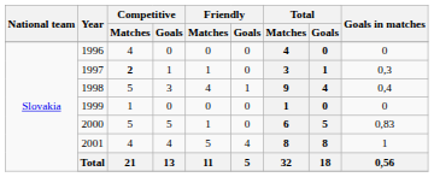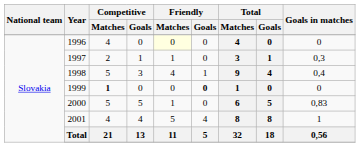 <table class="wikitable" style="text-align:center; font-size:95%">
 <tr>
 <th rowspan="2" scope="col">National team</th>
 <th rowspan="2" scope="col">Year</th>
 <th colspan="2" scope="colgroup">Competitive</th>
 <th colspan="2" scope="colgroup">Friendly</th>
 <th colspan="2" scope="colgroup">Total</th>
 <th rowspan="2" scope="col">Goals in matches</th>
 </tr>
 <tr>
 <th scope="col">Matches</th>
 <th scope="col">Goals</th>
 <th scope="col">Matches</th>
 <th scope="col">Goals</th>
 <th scope="col">Matches</th>
 <th scope="col">Goals</th>
 </tr>
 <tr>
 </tr>
 <tr>
 <td rowspan="12" scope="rowgroup"> <a href='#'>Slovakia</a></td>
 <td>1996</td>
 <td>4</td>
 <td>0</td>
-<td>0</td>
+<td style="background: lightyellow;">0</td>
 <td>0</td>
 <th>4</th>
 <th>0</th>
 <td>0</td>
 </tr>
 <tr>
 <td>1997</td>
-<td><strong>2</strong></td>
+<td>2</td>
 <td>1</td>
 <td>1</td>
 <td>0</td>
 <th>3</th>
 <th>1</th>
 <td>0,3</td>
 </tr>
 <tr>
 <td>1998</td>
 <td>5</td>
 <td>3</td>
 <td>4</td>
 <td>1</td>
 <th>9</th>
 <th>4</th>
 <td>0,4</td>
 </tr>
 <tr>
 <td>1999</td>
-<td>1</td>
+<td><strong>1</strong></td>
 <td>0</td>
 <td>0</td>
-<td>0</td>
+<td><strong>0</strong></td>
 <th>1</th>
 <th>0</th>
 <td>0</td>
 </tr>
 <tr>
 <td>2000</td>
 <td>5</td>
 <td>5</td>
 <td>1</td>
 <td>0</td>
 <th>6</th>
 <th>5</th>
 <td>0,83</td>
 </tr>
 <tr>
 <td>2001</td>
 <td>4</td>
 <td>4</td>
 <td>5</td>
 <td>4</td>
 <th>8</th>
 <th>8</th>
 <td>1</td>
 </tr>
 <tr>
 <th>Total</th>
 <th>21</th>
 <th>13</th>
 <th>11</th>
 <th>5</th>
 <th>32</th>
 <th>18</th>
 <th>0,56</th>
 </tr>
 <tr>
 </tr>
 </table>
